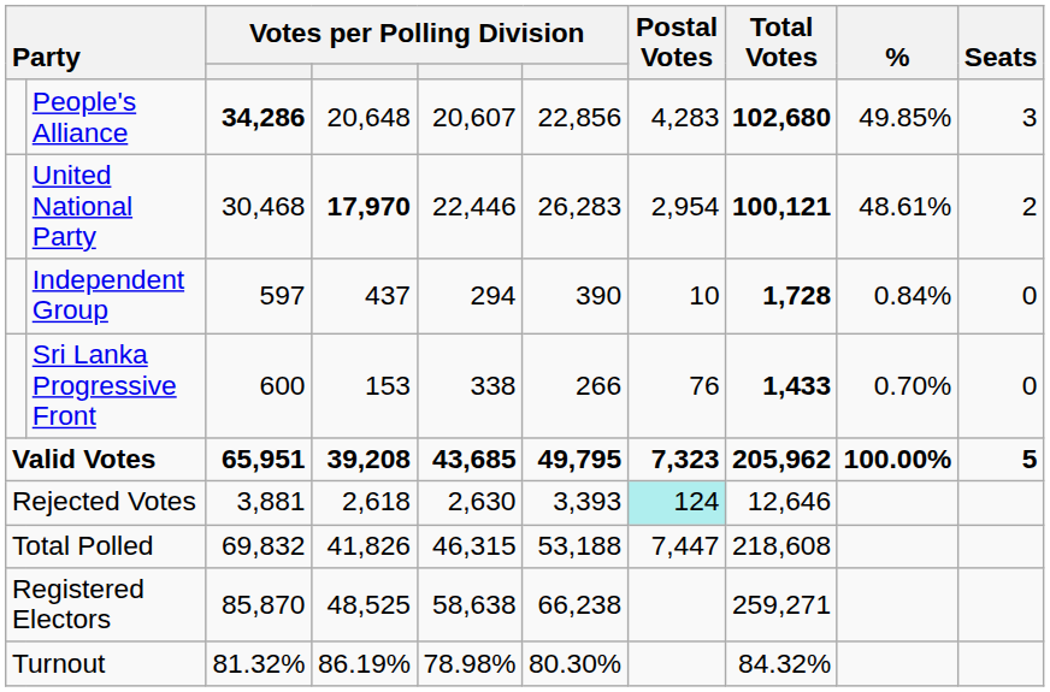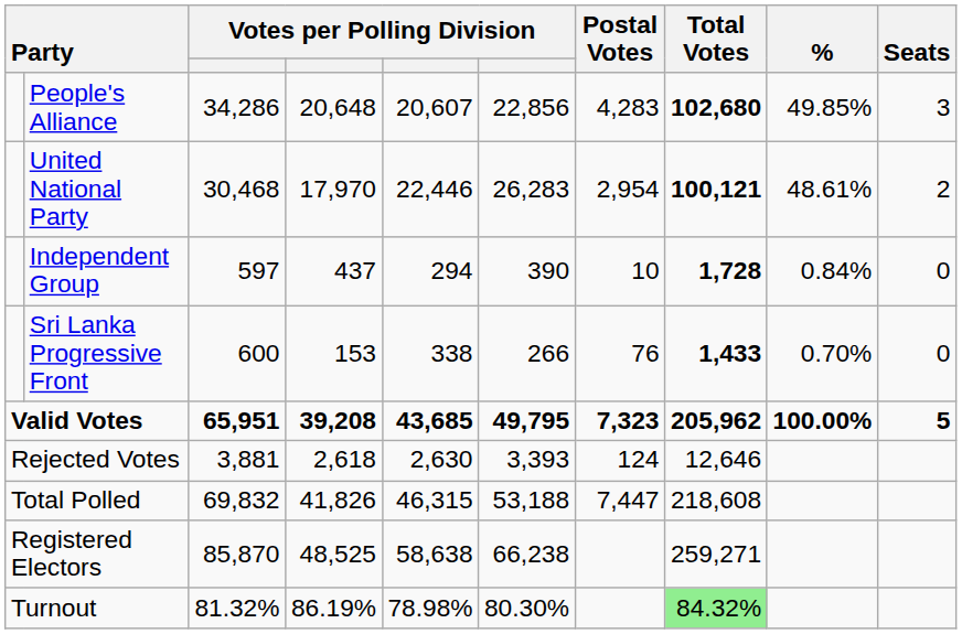 <table class="wikitable" border="1" style="text-align:right;">
 <tr>
 <th style="text-align:left; vertical-align:bottom;" rowspan="2" colspan="2">Party</th>
 <th colspan=4>Votes per Polling Division</th>
 <th rowspan="2" style="vertical-align:bottom; text-align:center; width:50px;">Postal<br>Votes</th>
 <th rowspan="2" style="vertical-align:bottom; text-align:center; width:50px;">Total Votes</th>
 <th rowspan="2" style="vertical-align:bottom; text-align:center; width:50px;">%</th>
 <th rowspan="2" style="vertical-align:bottom; text-align:center; width:40px;">Seats</th>
 </tr>
 <tr>
 <th></th>
 <th></th>
 <th></th>
 <th></th>
 </tr>
 <tr>
 <td bgcolor=> </td>
 <td align=left><a href='#'>People's Alliance</a></td>
-<td><strong>34,286</strong></td>
+<td>34,286</td>
 <td>20,648</td>
 <td>20,607</td>
 <td>22,856</td>
 <td>4,283</td>
 <td><strong>102,680</strong></td>
 <td>49.85%</td>
 <td>3</td>
 </tr>
 <tr>
 <td bgcolor=> </td>
 <td align=left><a href='#'>United National Party</a></td>
 <td>30,468</td>
-<td><strong>17,970</strong></td>
+<td>17,970</td>
 <td>22,446</td>
 <td>26,283</td>
 <td>2,954</td>
 <td><strong>100,121</strong></td>
 <td>48.61%</td>
 <td>2</td>
 </tr>
 <tr>
 <td bgcolor=> </td>
 <td align=left><a href='#'>Independent Group</a></td>
 <td>597</td>
 <td>437</td>
 <td>294</td>
 <td>390</td>
 <td>10</td>
 <td><strong>1,728</strong></td>
 <td>0.84%</td>
 <td>0</td>
 </tr>
 <tr>
 <td bgcolor=> </td>
 <td align=left><a href='#'>Sri Lanka Progressive Front</a></td>
 <td>600</td>
 <td>153</td>
 <td>338</td>
 <td>266</td>
 <td>76</td>
 <td><strong>1,433</strong></td>
 <td>0.70%</td>
 <td>0</td>
 </tr>
 <tr>
 <td align=left colspan="2"><strong>Valid Votes</strong></td>
 <td><strong>65,951</strong></td>
 <td><strong>39,208</strong></td>
 <td><strong>43,685</strong></td>
 <td><strong>49,795</strong></td>
 <td><strong>7,323</strong></td>
 <td><strong>205,962</strong></td>
 <td><strong>100.00%</strong></td>
 <td><strong>5</strong></td>
 </tr>
 <tr>
 <td align=left colspan="2">Rejected Votes</td>
 <td>3,881</td>
 <td>2,618</td>
 <td>2,630</td>
 <td>3,393</td>
-<td style="background: paleturquoise;">124</td>
+<td>124</td>
 <td>12,646</td>
 <td></td>
 <td></td>
 </tr>
 <tr>
 <td align=left colspan="2">Total Polled</td>
 <td>69,832</td>
 <td>41,826</td>
 <td>46,315</td>
 <td>53,188</td>
 <td>7,447</td>
 <td>218,608</td>
 <td></td>
 <td></td>
 </tr>
 <tr>
 <td align=left colspan="2">Registered Electors</td>
 <td>85,870</td>
 <td>48,525</td>
 <td>58,638</td>
 <td>66,238</td>
 <td></td>
 <td>259,271</td>
 <td></td>
 <td></td>
 </tr>
 <tr>
 <td align=left colspan="2">Turnout</td>
 <td>81.32%</td>
 <td>86.19%</td>
 <td>78.98%</td>
 <td>80.30%</td>
 <td></td>
-<td>84.32%</td>
+<td style="background: lightgreen;">84.32%</td>
 <td></td>
 <td></td>
 </tr>
 </table>
